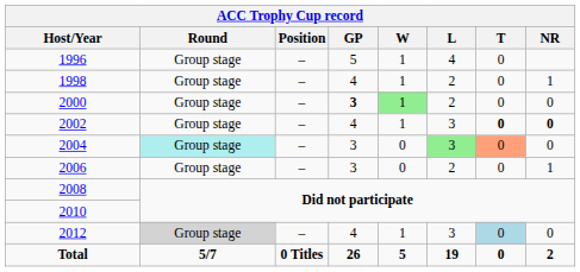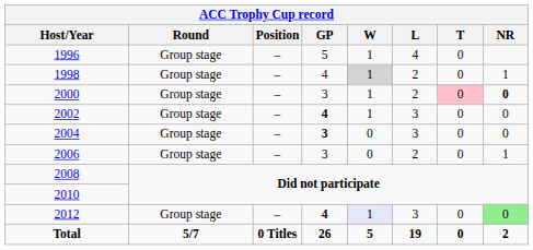 <table class="wikitable" style="text-align: center;">
 <tr>
 <th colspan=8><a href='#'>ACC Trophy Cup record</a></th>
 </tr>
 <tr>
 <th width=150>Host/Year</th>
 <th width=150>Round</th>
 <th width=50>Position</th>
 <th width=50>GP</th>
 <th width=50>W</th>
 <th width=50>L</th>
 <th width=50>T</th>
 <th width=50>NR</th>
 </tr>
 <tr>
 <td> <a href='#'>1996</a></td>
 <td>Group stage</td>
 <td>–</td>
 <td>5</td>
 <td>1</td>
 <td>4</td>
 <td>0</td>
 <td></td>
 </tr>
 <tr>
 <td> <a href='#'>1998</a></td>
 <td>Group stage</td>
 <td>–</td>
 <td>4</td>
-<td>1</td>
+<td style="background: lightgrey;">1</td>
 <td>2</td>
 <td>0</td>
 <td>1</td>
 </tr>
 <tr>
 <td> <a href='#'>2000</a></td>
 <td>Group stage</td>
 <td>–</td>
-<td><strong>3</strong></td>
-<td style="background: lightgreen;">1</td>
+<td>3</td>
+<td>1</td>
 <td>2</td>
-<td>0</td>
-<td>0</td>
+<td style="background: pink;">0</td>
+<td><strong>0</strong></td>
 </tr>
 <tr>
 <td> <a href='#'>2002</a></td>
 <td>Group stage</td>
 <td>–</td>
-<td>4</td>
+<td><strong>4</strong></td>
 <td>1</td>
 <td>3</td>
-<td><strong>0</strong></td>
-<td><strong>0</strong></td>
+<td>0</td>
+<td>0</td>
 </tr>
 <tr>
 <td> <a href='#'>2004</a></td>
-<td style="background: paleturquoise;">Group stage</td>
+<td>Group stage</td>
 <td>–</td>
+<td><strong>3</strong></td>
+<td>0</td>
 <td>3</td>
 <td>0</td>
-<td style="background: lightgreen;">3</td>
-<td style="background: lightsalmon;">0</td>
 <td>0</td>
 </tr>
 <tr>
 <td> <a href='#'>2006</a></td>
 <td>Group stage</td>
 <td>–</td>
 <td>3</td>
 <td>0</td>
 <td>2</td>
 <td>0</td>
 <td>1</td>
 </tr>
 <tr>
 <td> <a href='#'>2008</a></td>
 <td colspan=7 rowspan=2><strong>Did not participate</strong></td>
 </tr>
 <tr>
 <td> <a href='#'>2010</a></td>
 </tr>
 <tr>
 <td> <a href='#'>2012</a></td>
-<td style="background: lightgrey;">Group stage</td>
+<td>Group stage</td>
 <td>–</td>
-<td>4</td>
-<td>1</td>
+<td><strong>4</strong></td>
+<td style="background: lavender;">1</td>
 <td>3</td>
-<td style="background: lightblue;">0</td>
 <td>0</td>
+<td style="background: lightgreen;">0</td>
 </tr>
 <tr>
 <td><strong>Total</strong></td>
 <td><strong>5/7</strong></td>
 <td><strong>0 Titles</strong></td>
 <td><strong>26</strong></td>
 <td><strong>5</strong></td>
 <td><strong>19</strong></td>
 <td><strong>0</strong></td>
 <td><strong>2</strong></td>
 </tr>
 </table>
